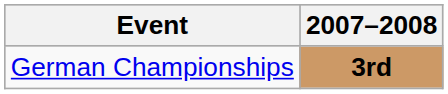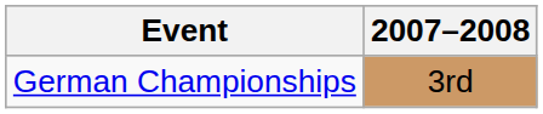 <table class="wikitable" style="text-align:center">
 <tr>
 <th>Event</th>
 <th>2007–2008</th>
 </tr>
 <tr>
 <td align=left><a href='#'>German Championships</a></td>
-<td bgcolor=cc9966><strong>3rd</strong></td>
+<td bgcolor=cc9966>3rd</td>
 </tr>
 </table>
